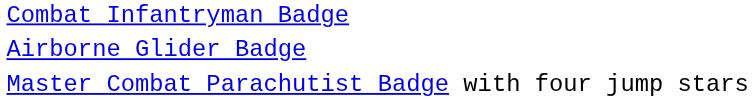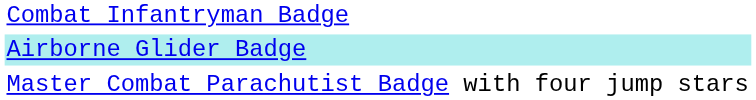 <table>
 <tr>
 <td> <a href='#'>Combat Infantryman Badge</a></td>
 </tr>
 <tr>
-<td> <a href='#'>Airborne Glider Badge</a></td>
+<td style="background: paleturquoise;"> <a href='#'>Airborne Glider Badge</a></td>
 </tr>
 <tr>
 <td> <a href='#'>Master Combat Parachutist Badge</a> with four jump stars</td>
 </tr>
 </table>
